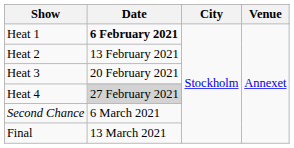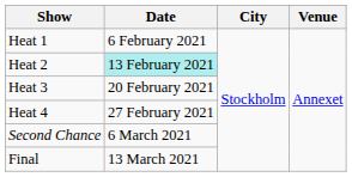 <table class="wikitable" style="margin: 1em auto 1em auto">
 <tr>
 <th>Show</th>
 <th>Date</th>
 <th>City</th>
 <th>Venue</th>
 </tr>
 <tr>
 <td>Heat 1</td>
-<td><strong>6 February 2021</strong></td>
+<td>6 February 2021</td>
 <td rowspan="6"><a href='#'>Stockholm</a></td>
 <td rowspan="6"><a href='#'>Annexet</a></td>
 </tr>
 <tr>
 <td>Heat 2</td>
-<td>13 February 2021</td>
+<td style="background: paleturquoise;">13 February 2021</td>
 </tr>
 <tr>
 <td>Heat 3</td>
 <td>20 February 2021</td>
 </tr>
 <tr>
 <td>Heat 4</td>
-<td style="background: lightgrey;">27 February 2021</td>
+<td>27 February 2021</td>
 </tr>
 <tr>
 <td><em>Second Chance</em></td>
 <td>6 March 2021</td>
 </tr>
 <tr>
 <td>Final</td>
 <td>13 March 2021</td>
 </tr>
 </table>
